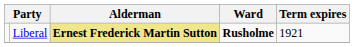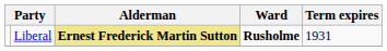 <table class="wikitable">
 <tr>
 <th colspan="2">Party</th>
 <th>Alderman</th>
 <th>Ward</th>
 <th>Term expires</th>
 </tr>
 <tr>
 <td style="background-color:"></td>
 <td><a href='#'>Liberal</a></td>
 <td style="background: khaki;"><strong>Ernest Frederick Martin Sutton</strong></td>
 <td><strong>Rusholme</strong></td>
-<td>1921</td>
+<td>1931</td>
 </tr>
 <tr>
 </tr>
 </table>
